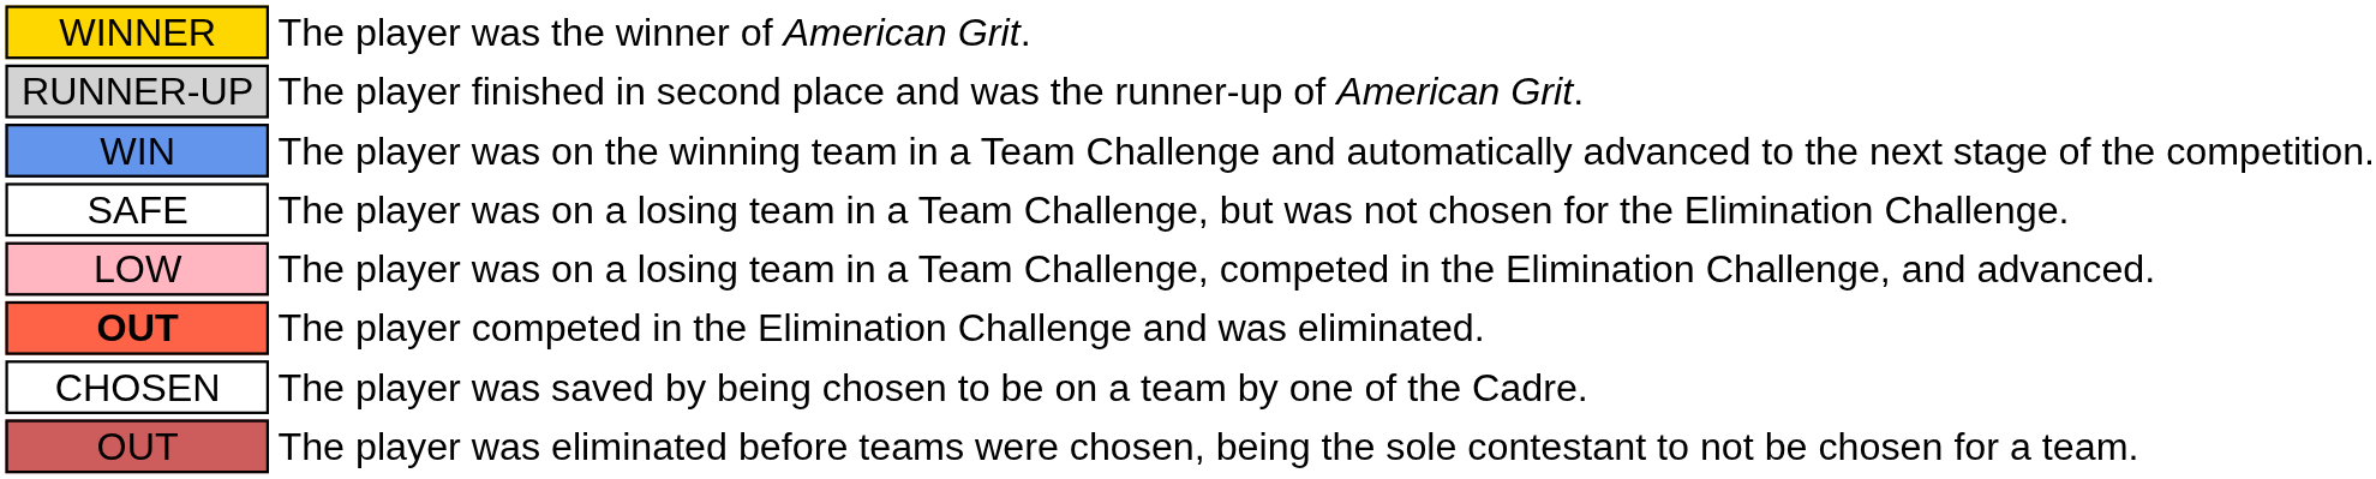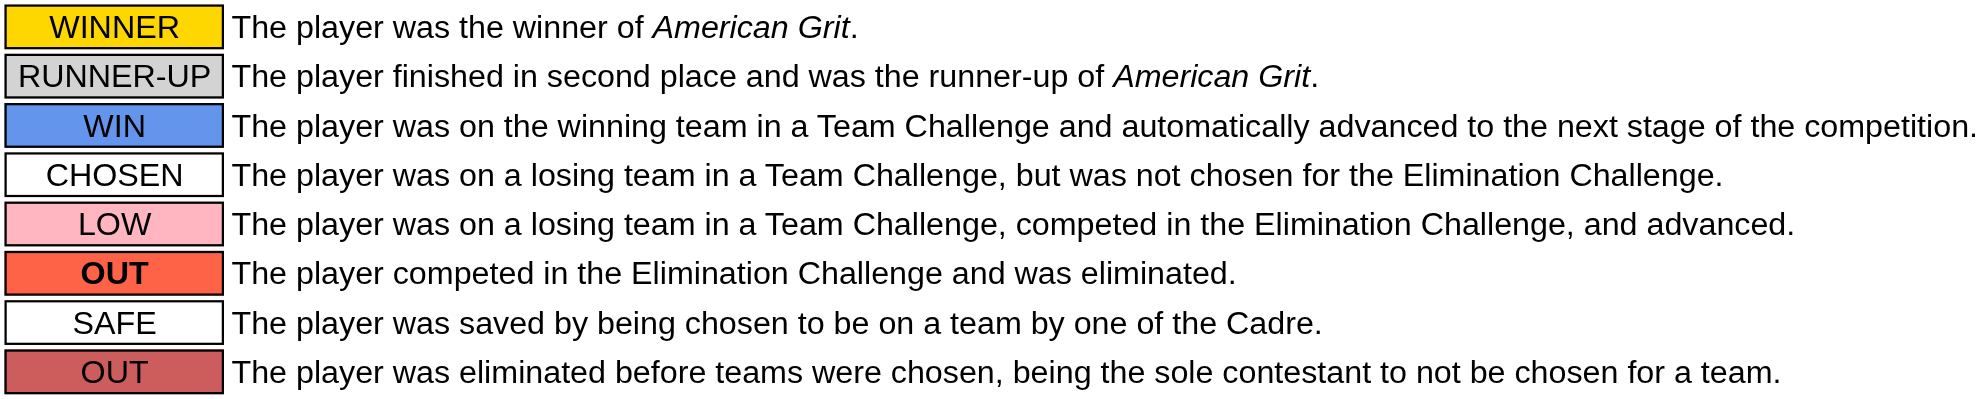 <table class="toccolours" style="font-size: 90%; white-space: nowrap;">
 <tr>
 <td style="text-align:center; background:gold; border:1px solid black;"> WINNER </td>
 <td>The player was the winner of <em>American Grit</em>.</td>
 </tr>
 <tr>
 <td style="text-align:center; background:lightgray; border:1px solid black;"> RUNNER-UP </td>
 <td>The player finished in second place and was the runner-up of <em>American Grit</em>.</td>
 </tr>
 <tr>
 <td style="text-align:center; background:cornflowerblue; border:1px solid black;"> WIN </td>
 <td>The player was on the winning team in a Team Challenge and automatically advanced to the next stage of the competition.</td>
 </tr>
 <tr>
-<td style="text-align:center; background:white; border:1px solid black;"> SAFE </td>
+<td style="text-align:center; background:white; border:1px solid black;"> CHOSEN </td>
 <td>The player was on a losing team in a Team Challenge, but was not chosen for the Elimination Challenge.</td>
 </tr>
 <tr>
 <td style="text-align:center; background:lightpink; border:1px solid black;"> LOW </td>
 <td>The player was on a losing team in a Team Challenge, competed in the Elimination Challenge, and advanced.</td>
 </tr>
 <tr>
 <td style="text-align:center; background:tomato; border:1px solid black;"><strong> OUT </strong></td>
 <td>The player competed in the Elimination Challenge and was eliminated.</td>
 </tr>
 <tr>
-<td style="text-align:center; background:white; border:1px solid black;"> CHOSEN </td>
+<td style="text-align:center; background:white; border:1px solid black;"> SAFE </td>
 <td>The player was saved by being chosen to be on a team by one of the Cadre.</td>
 </tr>
 <tr>
 <td style="text-align:center; background:indianred; border:1px solid black;"> OUT </td>
 <td>The player was eliminated before teams were chosen, being the sole contestant to not be chosen for a team.</td>
 </tr>
 <tr>
 <td></td>
 </tr>
 </table>
